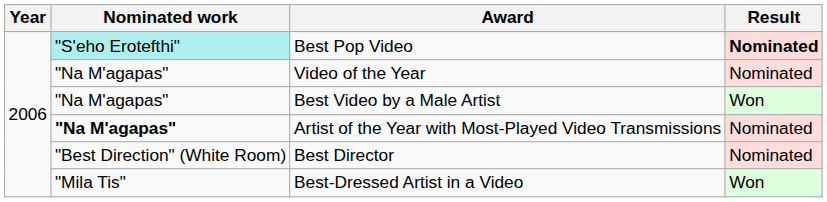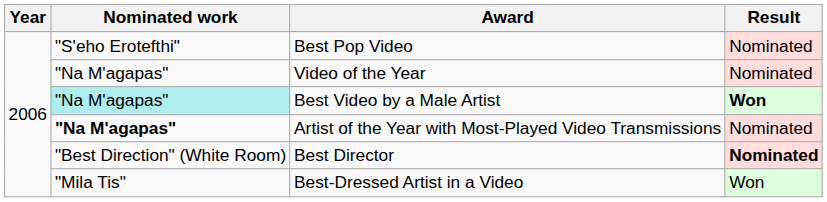 <table class="wikitable">
 <tr>
 <th>Year</th>
 <th>Nominated work</th>
 <th>Award</th>
 <th>Result</th>
 </tr>
 <tr>
 <td rowspan="6">2006</td>
-<td style="background: paleturquoise;">"S'eho Erotefthi"</td>
+<td>"S'eho Erotefthi"</td>
 <td>Best Pop Video</td>
-<td style="background:#fdd;"><strong>Nominated</strong></td>
+<td style="background:#fdd;">Nominated</td>
 </tr>
 <tr>
 <td>"Na M'agapas"</td>
 <td>Video of the Year</td>
 <td style="background:#fdd;">Nominated</td>
 </tr>
 <tr>
-<td>"Na M'agapas"</td>
+<td style="background: paleturquoise;">"Na M'agapas"</td>
 <td>Best Video by a Male Artist</td>
-<td style="background:#dfd;">Won</td>
+<td style="background:#dfd;"><strong>Won</strong></td>
 </tr>
 <tr>
 <td><strong>"Na M'agapas"</strong></td>
 <td>Artist of the Year with Most-Played Video Transmissions</td>
 <td style="background:#fdd;">Nominated</td>
 </tr>
 <tr>
 <td>"Best Direction" (White Room)</td>
 <td>Best Director</td>
-<td style="background:#fdd;">Nominated</td>
+<td style="background:#fdd;"><strong>Nominated</strong></td>
 </tr>
 <tr>
 <td>"Mila Tis"</td>
 <td>Best-Dressed Artist in a Video</td>
 <td style="background:#dfd;">Won</td>
 </tr>
 </table>
